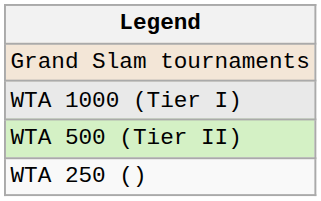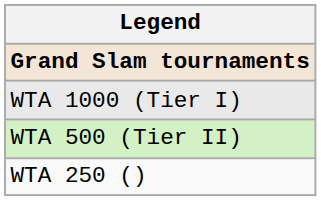 <table class="wikitable" style=font-size:90%>
 <tr>
 <th>Legend</th>
 </tr>
 <tr bgcolor=f3e6d7>
-<td>Grand Slam tournaments</td>
+<td><strong>Grand Slam tournaments</strong></td>
 </tr>
 <tr bgcolor=e9e9e9>
 <td>WTA 1000 (Tier I)</td>
 </tr>
 <tr bgcolor=d4f1c5>
 <td>WTA 500 (Tier II)</td>
 </tr>
 <tr>
 <td>WTA 250 ()</td>
 </tr>
 </table>
